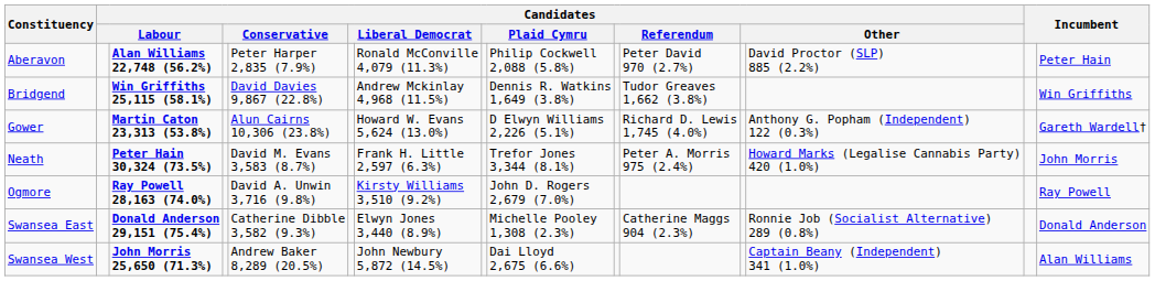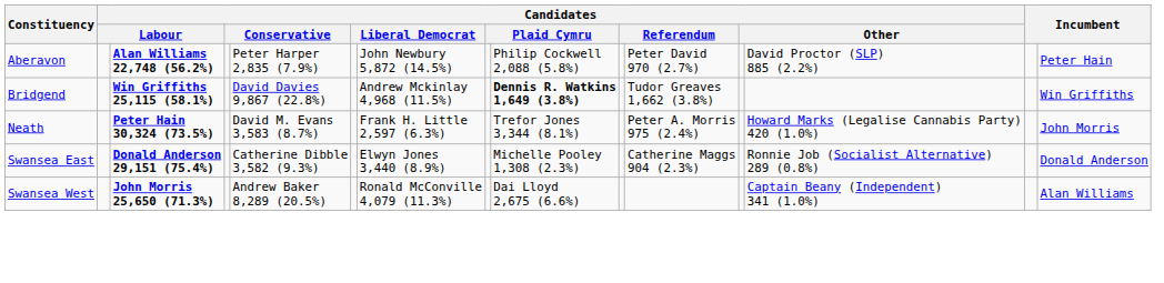 <table class="wikitable">
 <tr>
 <th rowspan="2">Constituency</th>
 <th colspan="12">Candidates</th>
 <th colspan="2" rowspan="2">Incumbent</th>
 </tr>
 <tr>
 <th colspan="2"><a href='#'>Labour</a></th>
 <th colspan="2"><a href='#'>Conservative</a></th>
 <th colspan="2"><a href='#'>Liberal Democrat</a></th>
 <th colspan="2"><a href='#'>Plaid Cymru</a></th>
 <th colspan="2"><a href='#'>Referendum</a></th>
 <th colspan="2">Other</th>
 </tr>
 <tr>
 <td><a href='#'>Aberavon</a></td>
 <td style="color:inherit;background:"> </td>
 <td><strong><a href='#'>Alan Williams</a></strong><br><strong>22,748 (56.2%)</strong></td>
 <td></td>
 <td>Peter Harper<br>2,835 (7.9%)</td>
 <td></td>
-<td>Ronald McConville<br>4,079 (11.3%)</td>
+<td>John Newbury<br>5,872 (14.5%)</td>
 <td></td>
 <td>Philip Cockwell<br>2,088 (5.8%)</td>
 <td></td>
 <td>Peter David<br>970 (2.7%)</td>
 <td></td>
 <td>David Proctor (<a href='#'>SLP</a>)<br>885 (2.2%)</td>
 <td style="color:inherit;background:"> </td>
 <td><a href='#'>Peter Hain</a></td>
 </tr>
 <tr>
 <td><a href='#'>Bridgend</a></td>
 <td style="color:inherit;background:"> </td>
 <td><strong><a href='#'>Win Griffiths</a></strong><br><strong>25,115 (58.1%)</strong></td>
 <td></td>
 <td><a href='#'>David Davies</a><br>9,867 (22.8%)</td>
 <td></td>
 <td>Andrew Mckinlay<br>4,968 (11.5%)</td>
 <td></td>
-<td>Dennis R. Watkins<br>1,649 (3.8%)</td>
+<td><strong>Dennis R. Watkins<br>1,649 (3.8%)</strong></td>
 <td></td>
 <td>Tudor Greaves<br>1,662 (3.8%)</td>
 <td></td>
 <td></td>
 <td style="color:inherit;background:"> </td>
 <td><a href='#'>Win Griffiths</a></td>
-</tr>
-<tr>
-<td><a href='#'>Gower</a></td>
-<td style="color:inherit;background:"> </td>
-<td><strong><a href='#'>Martin Caton</a></strong><br><strong>23,313 (53.8%)</strong></td>
-<td></td>
-<td><a href='#'>Alun Cairns</a><br>10,306 (23.8%)</td>
-<td></td>
-<td>Howard W. Evans<br>5,624 (13.0%)</td>
-<td></td>
-<td>D Elwyn Williams<br>2,226 (5.1%)</td>
-<td></td>
-<td>Richard D. Lewis<br>1,745 (4.0%)</td>
-<td></td>
-<td>Anthony G. Popham (<a href='#'>Independent</a>)<br>122 (0.3%)</td>
-<td style="color:inherit;background:"> </td>
-<td><a href='#'>Gareth Wardell</a>†</td>
 </tr>
 <tr>
 <td><a href='#'>Neath</a></td>
 <td style="color:inherit;background:"> </td>
 <td><strong><a href='#'>Peter Hain</a></strong><br><strong>30,324 (73.5%)</strong></td>
 <td></td>
 <td>David M. Evans<br>3,583 (8.7%)</td>
 <td></td>
 <td>Frank H. Little<br>2,597 (6.3%)</td>
 <td></td>
 <td>Trefor Jones<br>3,344 (8.1%)</td>
 <td></td>
 <td>Peter A. Morris<br>975 (2.4%)</td>
 <td></td>
 <td><a href='#'>Howard Marks</a> (Legalise Cannabis Party)<br>420 (1.0%)</td>
 <td style="color:inherit;background:"> </td>
 <td><a href='#'>John Morris</a></td>
-</tr>
-<tr>
-<td><a href='#'>Ogmore</a></td>
-<td style="color:inherit;background:"> </td>
-<td><strong><a href='#'>Ray Powell</a></strong><br><strong>28,163 (74.0%)</strong></td>
-<td></td>
-<td>David A. Unwin<br>3,716 (9.8%)</td>
-<td></td>
-<td><a href='#'>Kirsty Williams</a><br>3,510 (9.2%)</td>
-<td></td>
-<td>John D. Rogers<br>2,679 (7.0%)</td>
-<td></td>
-<td></td>
-<td></td>
-<td></td>
-<td style="color:inherit;background:"> </td>
-<td><a href='#'>Ray Powell</a></td>
 </tr>
 <tr>
 <td><a href='#'>Swansea East</a></td>
 <td style="color:inherit;background:"> </td>
 <td><strong><a href='#'>Donald Anderson</a></strong><br><strong>29,151 (75.4%)</strong></td>
 <td></td>
 <td>Catherine Dibble<br>3,582 (9.3%)</td>
 <td></td>
 <td>Elwyn Jones<br>3,440 (8.9%)</td>
 <td></td>
 <td>Michelle Pooley<br>1,308 (2.3%)</td>
 <td></td>
 <td>Catherine Maggs<br>904 (2.3%)</td>
 <td></td>
 <td>Ronnie Job (<a href='#'>Socialist Alternative</a>)<br>289 (0.8%)</td>
 <td style="color:inherit;background:"> </td>
 <td><a href='#'>Donald Anderson</a></td>
 </tr>
 <tr>
 <td><a href='#'>Swansea West</a></td>
 <td style="color:inherit;background:"> </td>
 <td><strong><a href='#'>John Morris</a></strong><br><strong>25,650 (71.3%)</strong></td>
 <td></td>
 <td>Andrew Baker<br>8,289 (20.5%)</td>
 <td></td>
-<td>John Newbury<br>5,872 (14.5%)</td>
+<td>Ronald McConville<br>4,079 (11.3%)</td>
 <td></td>
 <td>Dai Lloyd<br>2,675 (6.6%)</td>
 <td></td>
 <td></td>
 <td></td>
 <td><a href='#'>Captain Beany</a> (<a href='#'>Independent</a>)<br>341 (1.0%)</td>
 <td style="color:inherit;background:"> </td>
 <td><a href='#'>Alan Williams</a></td>
 </tr>
 </table>
